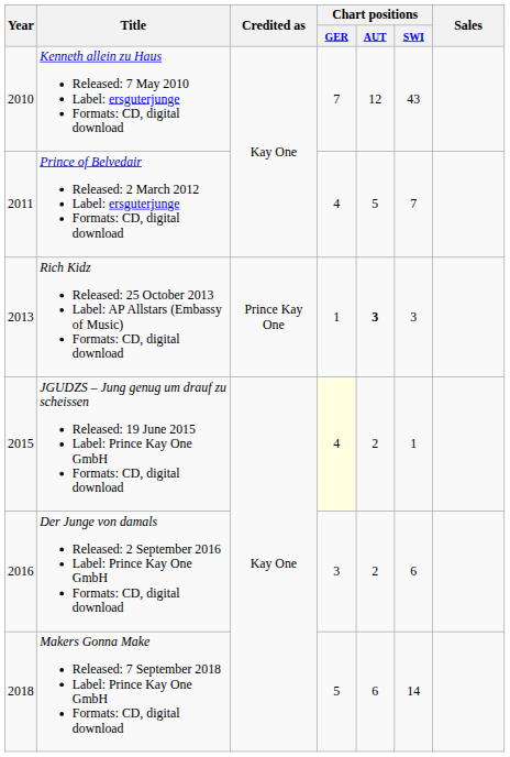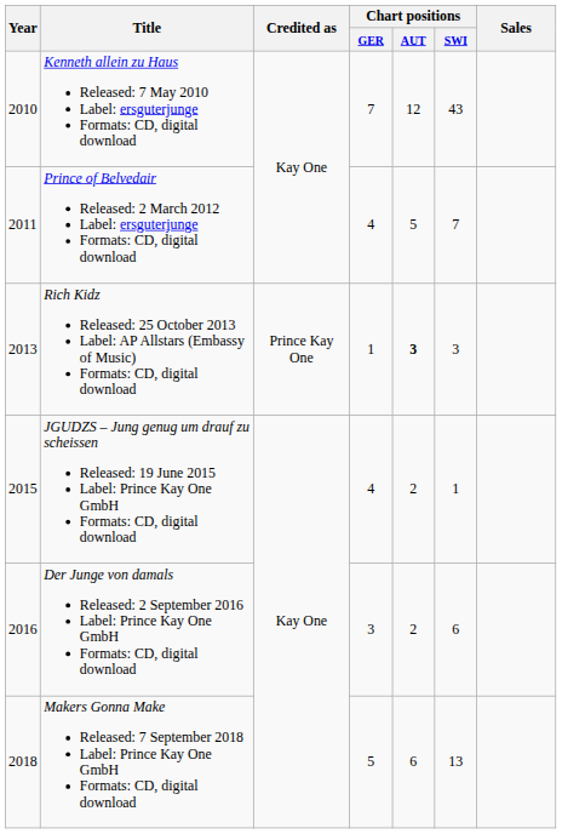 <table class="wikitable">
 <tr>
 <th style="width:20px;" rowspan="2">Year</th>
 <th style="width:230px;" rowspan="2">Title</th>
 <th style="width:100px;" rowspan="2">Credited as</th>
 <th colspan="3">Chart positions</th>
 <th style="width:80px;" rowspan="2">Sales</th>
 </tr>
 <tr>
 <th style="width:40px;"><small><a href='#'>GER</a></small></th>
 <th style="width:40px;"><small><a href='#'>AUT</a></small></th>
 <th style="width:40px;"><small><a href='#'>SWI</a></small></th>
 </tr>
 <tr>
 <td>2010</td>
 <td align="left"><em><a href='#'>Kenneth allein zu Haus</a></em><br><ul><li>Released: 7 May 2010</li><li>Label: <a href='#'>ersguterjunge</a></li><li>Formats: CD, digital download</li></ul></td>
 <td style="text-align:center;" rowspan="2">Kay One</td>
 <td style="text-align:center;">7</td>
 <td style="text-align:center;">12</td>
 <td style="text-align:center;">43</td>
 <td style="text-align:center;"></td>
 </tr>
 <tr>
 <td>2011</td>
 <td align="left"><em><a href='#'>Prince of Belvedair</a></em><br><ul><li>Released: 2 March 2012</li><li>Label: <a href='#'>ersguterjunge</a></li><li>Formats: CD, digital download</li></ul></td>
 <td style="text-align:center;">4</td>
 <td style="text-align:center;">5</td>
 <td style="text-align:center;">7</td>
 <td style="text-align:center;"></td>
 </tr>
 <tr>
 <td>2013</td>
 <td align="left"><em>Rich Kidz</em><br><ul><li>Released: 25 October 2013</li><li>Label: AP Allstars (Embassy of Music)</li><li>Formats: CD, digital download</li></ul></td>
 <td style="text-align:center;">Prince Kay One</td>
 <td style="text-align:center;">1</td>
 <td style="text-align:center;"><strong>3</strong></td>
 <td style="text-align:center;">3</td>
 <td style="text-align:center;"></td>
 </tr>
 <tr>
 <td>2015</td>
 <td align="left"><em>JGUDZS – Jung genug um drauf zu scheissen</em><br><ul><li>Released: 19 June 2015</li><li>Label: Prince Kay One GmbH</li><li>Formats: CD, digital download</li></ul></td>
 <td style="text-align:center;" rowspan="3">Kay One</td>
-<td style="background: lightyellow; text-align:center;">4</td>
+<td style="text-align:center;">4</td>
 <td style="text-align:center;">2</td>
 <td style="text-align:center;">1</td>
 <td style="text-align:center;"></td>
 </tr>
 <tr>
 <td>2016</td>
 <td align="left"><em>Der Junge von damals</em><br><ul><li>Released: 2 September 2016</li><li>Label: Prince Kay One GmbH</li><li>Formats: CD, digital download</li></ul></td>
 <td style="text-align:center;">3</td>
 <td style="text-align:center;">2</td>
 <td style="text-align:center;">6</td>
 <td style="text-align:center;"></td>
 </tr>
 <tr>
 <td>2018</td>
 <td align="left"><em>Makers Gonna Make</em><br><ul><li>Released: 7 September 2018</li><li>Label: Prince Kay One GmbH</li><li>Formats: CD, digital download</li></ul></td>
 <td style="text-align:center;">5</td>
 <td style="text-align:center;">6<br></td>
-<td style="text-align:center;">14</td>
+<td style="text-align:center;">13</td>
 <td style="text-align:center;"></td>
 </tr>
 </table>
